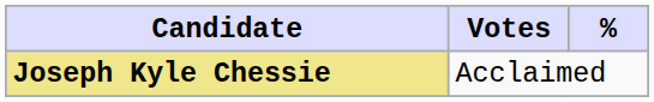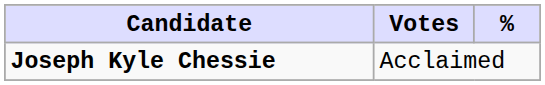 <table class="wikitable">
 <tr>
 <th style="background:#ddf; width:200px;">Candidate</th>
 <th style="background:#ddf; width:50px;">Votes</th>
 <th style="background:#ddf; width:30px;">%</th>
 </tr>
 <tr>
-<td style="background: khaki;"><strong>Joseph Kyle Chessie</strong></td>
+<td><strong>Joseph Kyle Chessie</strong></td>
 <td colspan="2">Acclaimed</td>
 </tr>
 </table>
